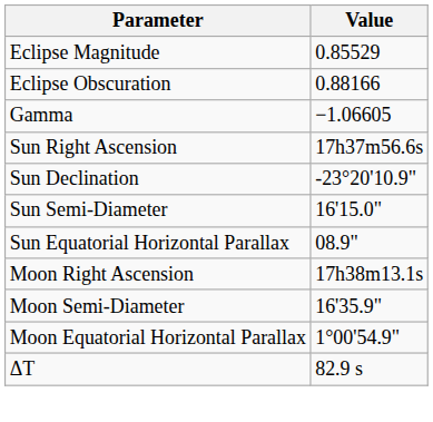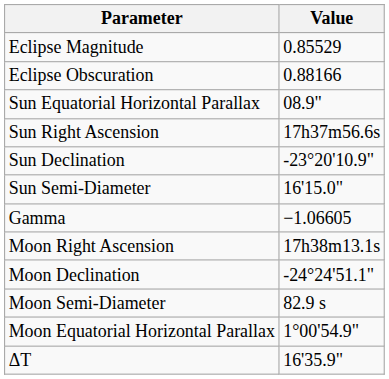 <table class="wikitable">
 <tr>
 <th>Parameter</th>
 <th>Value</th>
 </tr>
 <tr>
 <td>Eclipse Magnitude</td>
 <td>0.85529</td>
 </tr>
 <tr>
 <td>Eclipse Obscuration</td>
 <td>0.88166</td>
 </tr>
 <tr>
-<td>Gamma</td>
-<td>−1.06605</td>
+<td>Sun Equatorial Horizontal Parallax</td>
+<td>08.9"</td>
 </tr>
 <tr>
 <td>Sun Right Ascension</td>
 <td>17h37m56.6s</td>
 </tr>
 <tr>
 <td>Sun Declination</td>
 <td>-23°20'10.9"</td>
 </tr>
 <tr>
 <td>Sun Semi-Diameter</td>
 <td>16'15.0"</td>
 </tr>
 <tr>
-<td>Sun Equatorial Horizontal Parallax</td>
-<td>08.9"</td>
+<td>Gamma</td>
+<td>−1.06605</td>
 </tr>
 <tr>
 <td>Moon Right Ascension</td>
 <td>17h38m13.1s</td>
 </tr>
 <tr>
+<td>Moon Declination</td>
+<td>-24°24'51.1"</td>
+</tr>
+<tr>
 <td>Moon Semi-Diameter</td>
-<td>16'35.9"</td>
+<td>82.9 s</td>
 </tr>
 <tr>
 <td>Moon Equatorial Horizontal Parallax</td>
 <td>1°00'54.9"</td>
 </tr>
 <tr>
 <td>ΔT</td>
-<td>82.9 s</td>
+<td>16'35.9"</td>
 </tr>
 </table>
